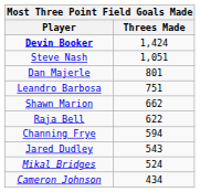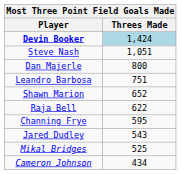 <table class="wikitable sortable" style="text-align:center">
 <tr>
 <th colspan="5">Most Three Point Field Goals Made</th>
 </tr>
 <tr>
 <th>Player</th>
 <th>Threes Made</th>
 </tr>
 <tr>
 <td><strong><a href='#'>Devin Booker</a></strong></td>
-<td>1,424</td>
+<td style="background: lightblue;">1,424</td>
 </tr>
 <tr>
 <td><a href='#'>Steve Nash</a></td>
 <td>1,051</td>
 </tr>
 <tr>
 <td><a href='#'>Dan Majerle</a></td>
-<td>801</td>
+<td>800</td>
 </tr>
 <tr>
 <td><a href='#'>Leandro Barbosa</a></td>
 <td>751</td>
 </tr>
 <tr>
 <td><a href='#'>Shawn Marion</a></td>
-<td>662</td>
+<td>652</td>
 </tr>
 <tr>
 <td><a href='#'>Raja Bell</a></td>
 <td>622</td>
 </tr>
 <tr>
 <td><a href='#'>Channing Frye</a></td>
-<td>594</td>
+<td>595</td>
 </tr>
 <tr>
 <td><a href='#'>Jared Dudley</a></td>
 <td>543</td>
 </tr>
 <tr>
 <td><em><a href='#'>Mikal Bridges</a></em></td>
-<td>524</td>
+<td>525</td>
 </tr>
 <tr>
 <td><em><a href='#'>Cameron Johnson</a></em></td>
 <td>434</td>
 </tr>
 </table>
